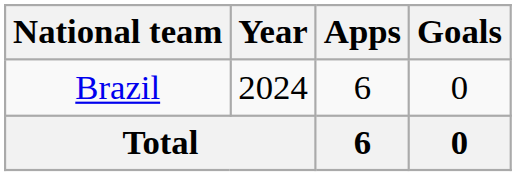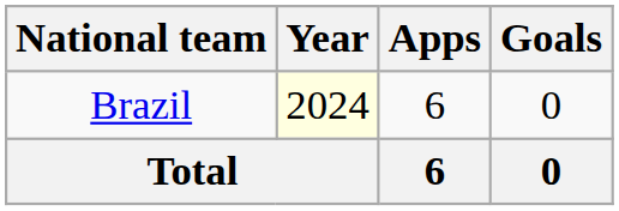 <table class="wikitable" style="text-align:center">
 <tr>
 <th>National team</th>
 <th>Year</th>
 <th>Apps</th>
 <th>Goals</th>
 </tr>
 <tr>
 <td><a href='#'>Brazil</a></td>
-<td>2024</td>
+<td style="background: lightyellow;">2024</td>
 <td>6</td>
 <td>0</td>
 </tr>
 <tr>
 <th colspan="2">Total</th>
 <th>6</th>
 <th>0</th>
 </tr>
 </table>
